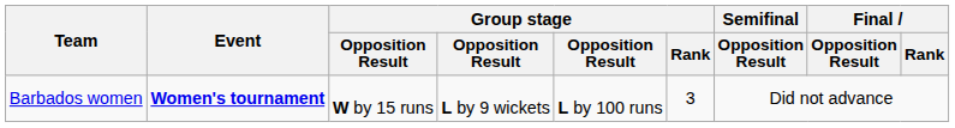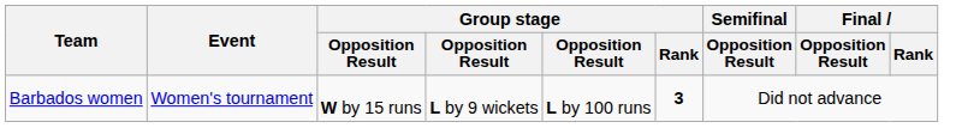 <table class=wikitable style=font-size:90%>
 <tr>
 <th rowspan=2>Team</th>
 <th rowspan=2>Event</th>
 <th colspan=4>Group stage</th>
 <th>Semifinal</th>
 <th colspan=2>Final / </th>
 </tr>
 <tr style=font-size:95%>
 <th>Opposition<br>Result</th>
 <th>Opposition<br>Result</th>
 <th>Opposition<br>Result</th>
 <th>Rank</th>
 <th>Opposition<br>Result</th>
 <th>Opposition<br>Result</th>
 <th>Rank</th>
 </tr>
 <tr align=center>
 <td align=left><a href='#'>Barbados women</a></td>
-<td align=left><strong><a href='#'>Women's tournament</a></strong></td>
+<td align=left><a href='#'>Women's tournament</a></td>
 <td><br><strong>W</strong> by 15 runs</td>
 <td><br><strong>L</strong> by 9 wickets</td>
 <td><br><strong>L</strong> by 100 runs</td>
-<td>3</td>
+<td><strong>3</strong></td>
 <td colspan=3>Did not advance</td>
 </tr>
 </table>
